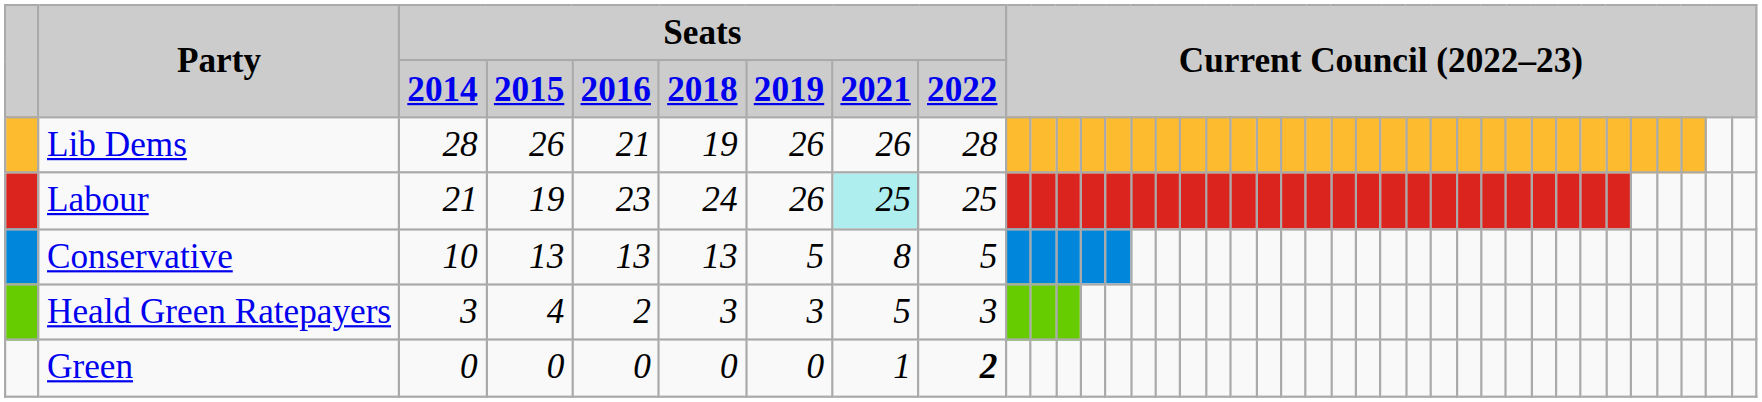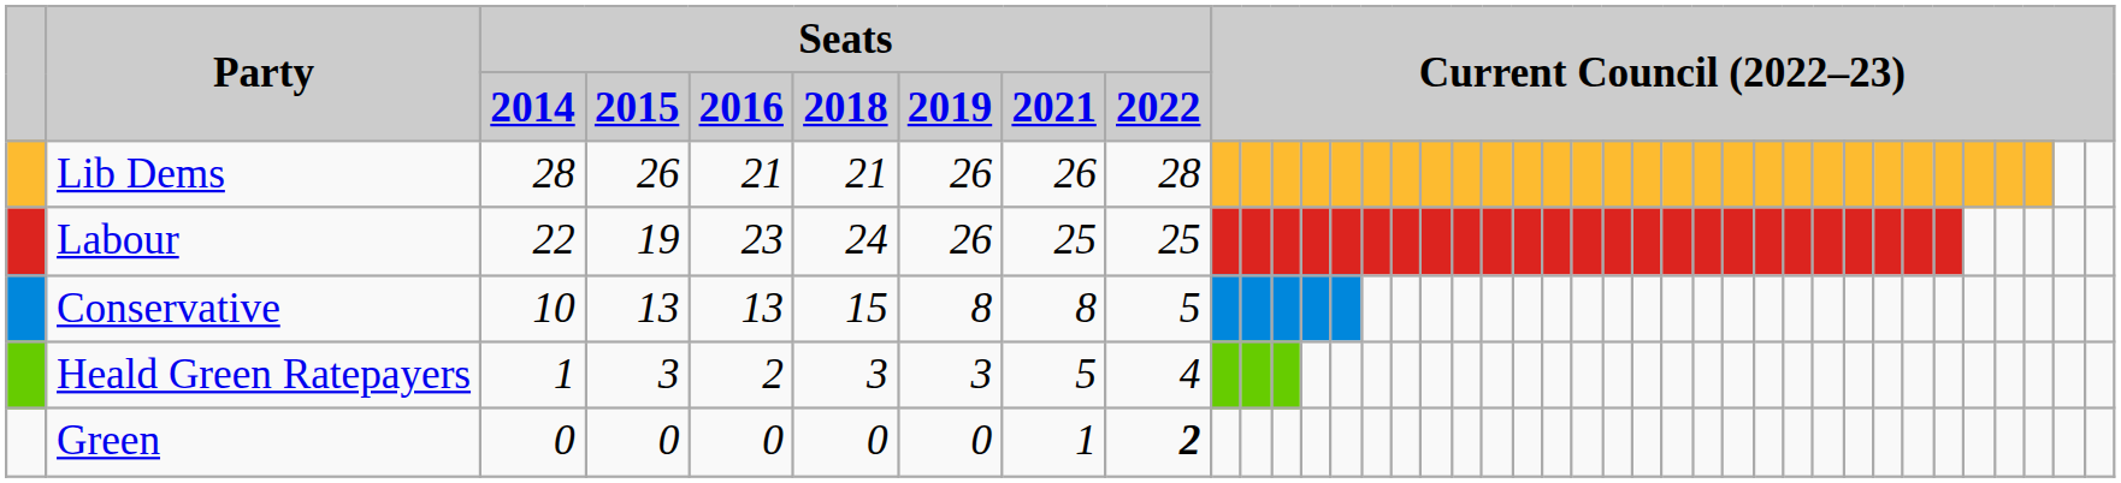 <table class="wikitable">
 <tr>
 <th style="background:#ccc" rowspan="2">  </th>
 <th style="background:#ccc" rowspan="2">Party</th>
 <th style="background:#ccc" colspan="7">Seats</th>
 <th style="background:#ccc" colspan="63" rowspan="2">Current Council (2022–23)</th>
 </tr>
 <tr>
 <th style="background:#ccc"><a href='#'>2014</a></th>
 <th style="background:#ccc"><a href='#'>2015</a></th>
 <th style="background:#ccc"><a href='#'>2016</a></th>
 <th style="background:#ccc"><a href='#'>2018</a></th>
 <th style="background:#ccc"><a href='#'>2019</a></th>
 <th style="background:#ccc"><a href='#'>2021</a></th>
 <th style="background:#ccc"><a href='#'>2022</a></th>
 </tr>
 <tr>
 <td style="background:#FDBB30"> </td>
 <td><a href='#'>Lib Dems</a></td>
 <td style="text-align: right"><em>28</em></td>
 <td style="text-align: right"><em>26</em></td>
 <td style="text-align: right"><em>21</em></td>
-<td style="text-align: right"><em>19</em></td>
+<td style="text-align: right"><em>21</em></td>
 <td style="text-align: right"><em>26</em></td>
 <td style="text-align: right"><em>26</em></td>
 <td style="text-align: right"><em>28</em></td>
 <td style="background:#FDBB30"> </td>
 <td style="background:#FDBB30"> </td>
 <td style="background:#FDBB30"> </td>
 <td style="background:#FDBB30"> </td>
 <td style="background:#FDBB30"> </td>
 <td style="background:#FDBB30"> </td>
 <td style="background:#FDBB30"> </td>
 <td style="background:#FDBB30"> </td>
 <td style="background:#FDBB30"> </td>
 <td style="background:#FDBB30"> </td>
 <td style="background:#FDBB30"> </td>
 <td style="background:#FDBB30"> </td>
 <td style="background:#FDBB30"> </td>
 <td style="background:#FDBB30"> </td>
 <td style="background:#FDBB30"> </td>
 <td style="background:#FDBB30"> </td>
 <td style="background:#FDBB30"> </td>
 <td style="background:#FDBB30"> </td>
 <td style="background:#FDBB30"> </td>
 <td style="background:#FDBB30"> </td>
 <td style="background:#FDBB30"> </td>
 <td style="background:#FDBB30"> </td>
 <td style="background:#FDBB30"> </td>
 <td style="background:#FDBB30"> </td>
 <td style="background:#FDBB30"> </td>
 <td style="background:#FDBB30"> </td>
 <td style="background:#FDBB30"> </td>
 <td style="background:#FDBB30"> </td>
 <td> </td>
 <td> </td>
 </tr>
 <tr>
 <td style="background:#DC241F"> </td>
 <td><a href='#'>Labour</a></td>
-<td style="text-align: right"><em>21</em></td>
+<td style="text-align: right"><em>22</em></td>
 <td style="text-align: right"><em>19</em></td>
 <td style="text-align: right"><em>23</em></td>
 <td style="text-align: right"><em>24</em></td>
 <td style="text-align: right"><em>26</em></td>
-<td style="background: paleturquoise; text-align: right"><em>25</em></td>
+<td style="text-align: right"><em>25</em></td>
 <td style="text-align: right"><em>25</em></td>
 <td style="background:#DC241F"> </td>
 <td style="background:#DC241F"> </td>
 <td style="background:#DC241F"> </td>
 <td style="background:#DC241F"> </td>
 <td style="background:#DC241F"> </td>
 <td style="background:#DC241F"> </td>
 <td style="background:#DC241F"> </td>
 <td style="background:#DC241F"> </td>
 <td style="background:#DC241F"> </td>
 <td style="background:#DC241F"> </td>
 <td style="background:#DC241F"> </td>
 <td style="background:#DC241F"> </td>
 <td style="background:#DC241F"> </td>
 <td style="background:#DC241F"> </td>
 <td style="background:#DC241F"> </td>
 <td style="background:#DC241F"> </td>
 <td style="background:#DC241F"> </td>
 <td style="background:#DC241F"> </td>
 <td style="background:#DC241F"> </td>
 <td style="background:#DC241F"> </td>
 <td style="background:#DC241F"> </td>
 <td style="background:#DC241F"> </td>
 <td style="background:#DC241F"> </td>
 <td style="background:#DC241F"> </td>
 <td style="background:#DC241F"> </td>
 <td> </td>
 <td> </td>
 <td> </td>
 <td> </td>
 <td> </td>
 </tr>
 <tr>
 <td style="background:#0087DC"> </td>
 <td><a href='#'>Conservative</a></td>
 <td style="text-align: right"><em>10</em></td>
 <td style="text-align: right"><em>13</em></td>
 <td style="text-align: right"><em>13</em></td>
-<td style="text-align: right"><em>13</em></td>
-<td style="text-align: right"><em>5</em></td>
+<td style="text-align: right"><em>15</em></td>
+<td style="text-align: right"><em>8</em></td>
 <td style="text-align: right"><em>8</em></td>
 <td style="text-align: right"><em>5</em></td>
 <td style="background:#0087DC"> </td>
 <td style="background:#0087DC"> </td>
 <td style="background:#0087DC"> </td>
 <td style="background:#0087DC"> </td>
 <td style="background:#0087DC"> </td>
 <td> </td>
 <td> </td>
 <td> </td>
 <td> </td>
 <td> </td>
 <td> </td>
 <td> </td>
 <td> </td>
 <td> </td>
 <td> </td>
 <td> </td>
 <td> </td>
 <td> </td>
 <td> </td>
 <td> </td>
 <td> </td>
 <td> </td>
 <td> </td>
 <td> </td>
 <td> </td>
 <td> </td>
 <td> </td>
 <td> </td>
 <td> </td>
 <td> </td>
 </tr>
 <tr>
 <td style="background:#66CC00"> </td>
 <td><a href='#'>Heald Green Ratepayers</a></td>
+<td style="text-align: right"><em>1</em></td>
 <td style="text-align: right"><em>3</em></td>
-<td style="text-align: right"><em>4</em></td>
 <td style="text-align: right"><em>2</em></td>
 <td style="text-align: right"><em>3</em></td>
 <td style="text-align: right"><em>3</em></td>
 <td style="text-align: right"><em>5</em></td>
-<td style="text-align: right"><em>3</em></td>
+<td style="text-align: right"><em>4</em></td>
 <td style="background:#66CC00"> </td>
 <td style="background:#66CC00"> </td>
 <td style="background:#66CC00"> </td>
 <td> </td>
 <td> </td>
 <td> </td>
 <td> </td>
 <td> </td>
 <td> </td>
 <td> </td>
 <td> </td>
 <td> </td>
 <td> </td>
 <td> </td>
 <td> </td>
 <td> </td>
 <td> </td>
 <td> </td>
 <td> </td>
 <td> </td>
 <td> </td>
 <td> </td>
 <td> </td>
 <td> </td>
 <td> </td>
 <td> </td>
 <td> </td>
 <td> </td>
 <td> </td>
 <td> </td>
 </tr>
 <tr>
 <td style="background:"> </td>
 <td><a href='#'>Green</a></td>
 <td style="text-align: right"><em>0</em></td>
 <td style="text-align: right"><em>0</em></td>
 <td style="text-align: right"><em>0</em></td>
 <td style="text-align: right"><em>0</em></td>
 <td style="text-align: right"><em>0</em></td>
 <td style="text-align: right"><em>1</em></td>
 <td style="text-align: right"><strong><em>2</em></strong></td>
 <td style="background:"> </td>
 <td style="background:"> </td>
 <td> </td>
 <td> </td>
 <td> </td>
 <td> </td>
 <td> </td>
 <td> </td>
 <td> </td>
 <td> </td>
 <td> </td>
 <td> </td>
 <td> </td>
 <td> </td>
 <td> </td>
 <td> </td>
 <td> </td>
 <td> </td>
 <td> </td>
 <td> </td>
 <td> </td>
 <td> </td>
 <td> </td>
 <td> </td>
 <td> </td>
 <td> </td>
 <td> </td>
 <td> </td>
 <td> </td>
 <td> </td>
 </tr>
 </table>
